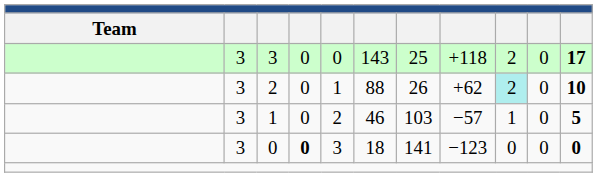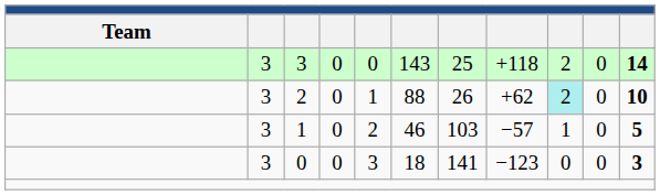 <table class="wikitable" style="width:80%; text-align:center">
 <tr>
 <th colspan="100%" style="background:#204a86"></th>
 </tr>
 <tr>
 <th style="width:9.5em;">Team</th>
 <th style="width:1em;"></th>
 <th style="width:1em;"></th>
 <th style="width:1em;"></th>
 <th style="width:1em;"></th>
 <th style="width:1.5em;"></th>
 <th style="width:1.5em;"></th>
 <th style="width:1.5em;"> </th>
 <th style="width:1em;"></th>
 <th style="width:1em;"></th>
 <th style="width:1em;"><br></th>
 </tr>
 <tr style="background:#cfc;">
 <td align=left></td>
 <td>3</td>
 <td>3</td>
 <td>0</td>
 <td>0</td>
 <td>143</td>
 <td>25</td>
 <td>+118</td>
 <td>2</td>
 <td>0</td>
-<td><strong>17</strong></td>
+<td><strong>14</strong></td>
 </tr>
 <tr>
 <td align=left></td>
 <td>3</td>
 <td>2</td>
 <td>0</td>
 <td>1</td>
 <td>88</td>
 <td>26</td>
 <td>+62</td>
 <td style="background: paleturquoise;">2</td>
 <td>0</td>
 <td><strong>10</strong></td>
 </tr>
 <tr>
 <td align=left></td>
 <td>3</td>
 <td>1</td>
 <td>0</td>
 <td>2</td>
 <td>46</td>
 <td>103</td>
 <td>−57</td>
 <td>1</td>
 <td>0</td>
 <td><strong>5</strong></td>
 </tr>
 <tr>
 <td align=left></td>
 <td>3</td>
 <td>0</td>
-<td><strong>0</strong></td>
+<td>0</td>
 <td>3</td>
 <td>18</td>
 <td>141</td>
 <td>−123</td>
 <td>0</td>
 <td>0</td>
-<td><strong>0</strong></td>
+<td><strong>3</strong></td>
 </tr>
 <tr>
 <td colspan="100%" style="border:0;"></td>
 </tr>
 </table>
